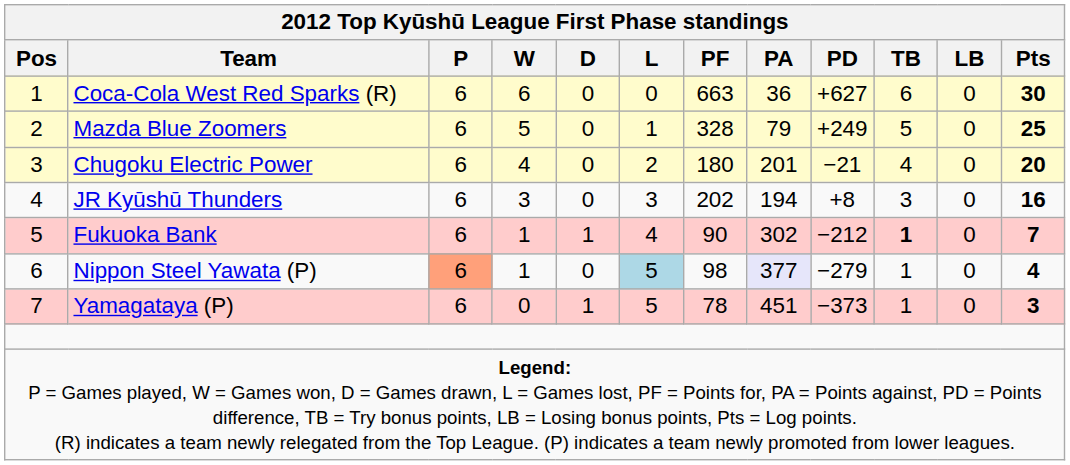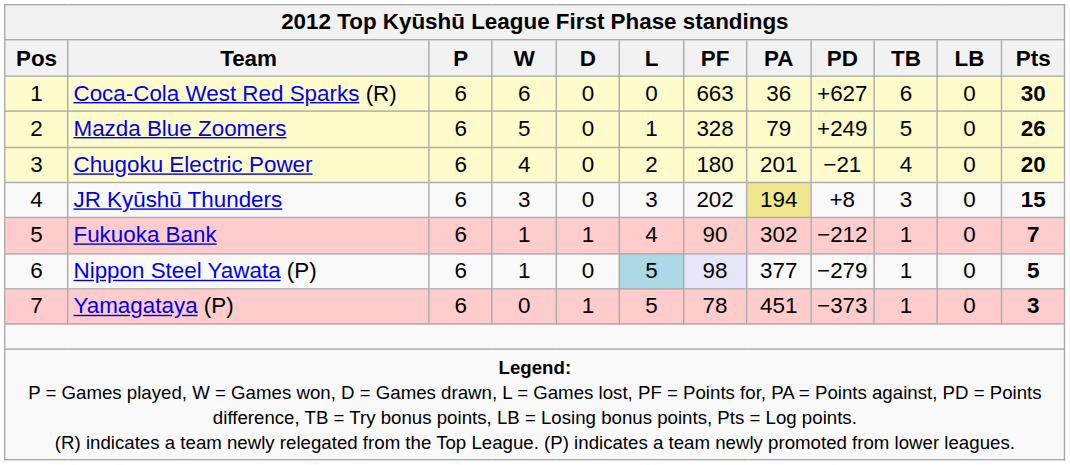 <table class="wikitable" style="text-align:center; font-size:100%; width:60%;">
 <tr>
 <th colspan="100%" cellpadding="0" cellspacing="0"><strong>2012 Top Kyūshū League First Phase standings</strong></th>
 </tr>
 <tr>
 <th style="width:6%;">Pos</th>
 <th style="width:34%;">Team</th>
 <th style="width:6%;">P</th>
 <th style="width:6%;">W</th>
 <th style="width:6%;">D</th>
 <th style="width:6%;">L</th>
 <th style="width:6%;">PF</th>
 <th style="width:6%;">PA</th>
 <th style="width:6%;">PD</th>
 <th style="width:6%;">TB</th>
 <th style="width:6%;">LB</th>
 <th style="width:6%;">Pts<br></th>
 </tr>
 <tr style="background:#FFFCCC;">
 <td>1</td>
 <td style="text-align:left;"><a href='#'>Coca-Cola West Red Sparks</a> (R)</td>
 <td>6</td>
 <td>6</td>
 <td>0</td>
 <td>0</td>
 <td>663</td>
 <td>36</td>
 <td>+627</td>
 <td>6</td>
 <td>0</td>
 <td><strong>30</strong></td>
 </tr>
 <tr style="background:#FFFCCC;">
 <td>2</td>
 <td style="text-align:left;"><a href='#'>Mazda Blue Zoomers</a></td>
 <td>6</td>
 <td>5</td>
 <td>0</td>
 <td>1</td>
 <td>328</td>
 <td>79</td>
 <td>+249</td>
 <td>5</td>
 <td>0</td>
-<td><strong>25</strong></td>
+<td><strong>26</strong></td>
 </tr>
 <tr style="background:#FFFCCC;">
 <td>3</td>
 <td style="text-align:left;"><a href='#'>Chugoku Electric Power</a></td>
 <td>6</td>
 <td>4</td>
 <td>0</td>
 <td>2</td>
 <td>180</td>
 <td>201</td>
 <td>−21</td>
 <td>4</td>
 <td>0</td>
 <td><strong>20</strong></td>
 </tr>
 <tr>
 <td>4</td>
 <td style="text-align:left;"><a href='#'>JR Kyūshū Thunders</a></td>
 <td>6</td>
 <td>3</td>
 <td>0</td>
 <td>3</td>
 <td>202</td>
-<td>194</td>
+<td style="background: khaki;">194</td>
 <td>+8</td>
 <td>3</td>
 <td>0</td>
-<td><strong>16</strong></td>
+<td><strong>15</strong></td>
 </tr>
 <tr style="background:#FFCCCC;">
 <td>5</td>
 <td style="text-align:left;"><a href='#'>Fukuoka Bank</a></td>
 <td>6</td>
 <td>1</td>
 <td>1</td>
 <td>4</td>
 <td>90</td>
 <td>302</td>
 <td>−212</td>
-<td><strong>1</strong></td>
+<td>1</td>
 <td>0</td>
 <td><strong>7</strong></td>
 </tr>
 <tr>
 <td>6</td>
 <td style="text-align:left;"><a href='#'>Nippon Steel Yawata</a> (P)</td>
-<td style="background: lightsalmon;">6</td>
+<td>6</td>
 <td>1</td>
 <td>0</td>
 <td style="background: lightblue;">5</td>
-<td>98</td>
-<td style="background: lavender;">377</td>
+<td style="background: lavender;">98</td>
+<td>377</td>
 <td>−279</td>
 <td>1</td>
 <td>0</td>
-<td><strong>4</strong></td>
+<td><strong>5</strong></td>
 </tr>
 <tr style="background:#FFCCCC;">
 <td>7</td>
 <td style="text-align:left;"><a href='#'>Yamagataya</a> (P)</td>
 <td>6</td>
 <td>0</td>
 <td>1</td>
 <td>5</td>
 <td>78</td>
 <td>451</td>
 <td>−373</td>
 <td>1</td>
 <td>0</td>
 <td><strong>3</strong></td>
 </tr>
 <tr>
 <td colspan="100%" style="height:10px;"></td>
 </tr>
 <tr>
 <td colspan="100%"><small><strong>Legend:</strong> <br> P = Games played, W = Games won, D = Games drawn, L = Games lost, PF = Points for, PA = Points against, PD = Points difference, TB = Try bonus points, LB = Losing bonus points, Pts = Log points. <br> (R) indicates a team newly relegated from the Top League. (P) indicates a team newly promoted from lower leagues.</small></td>
 </tr>
 </table>
